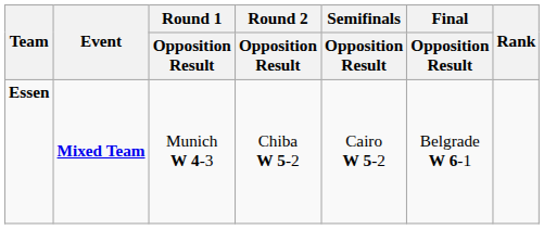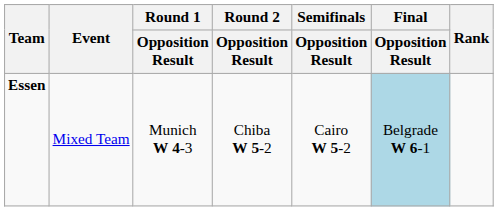 <table class="wikitable" border="1" style="font-size:90%">
 <tr>
 <th rowspan=2>Team</th>
 <th rowspan=2>Event</th>
 <th>Round 1</th>
 <th>Round 2</th>
 <th>Semifinals</th>
 <th>Final</th>
 <th rowspan=2>Rank</th>
 </tr>
 <tr>
 <th>Opposition<br>Result</th>
 <th>Opposition<br>Result</th>
 <th>Opposition<br>Result</th>
 <th>Opposition<br>Result</th>
 </tr>
 <tr>
 <td><strong>Essen</strong><br><br><br><br><br><br><br></td>
-<td><strong><a href='#'>Mixed Team</a></strong></td>
+<td><a href='#'>Mixed Team</a></td>
 <td align=center>Munich <br> <strong>W</strong> <strong>4</strong>-3</td>
 <td align=center>Chiba <br> <strong>W</strong> <strong>5</strong>-2</td>
 <td align=center>Cairo <br> <strong>W</strong> <strong>5</strong>-2</td>
-<td align=center>Belgrade <br> <strong>W</strong> <strong>6</strong>-1</td>
+<td align=center style="background: lightblue;">Belgrade <br> <strong>W</strong> <strong>6</strong>-1</td>
 <td align=center></td>
 </tr>
 </table>
